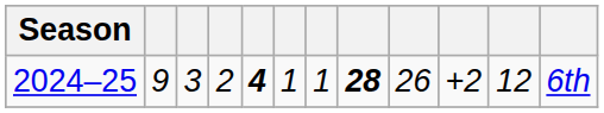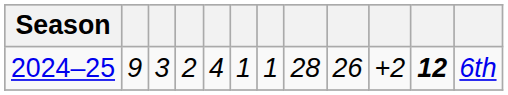 <table class="wikitable sortable" style="text-align: center">
 <tr>
 <th>Season</th>
 <th></th>
 <th></th>
 <th></th>
 <th></th>
 <th></th>
 <th></th>
 <th></th>
 <th></th>
 <th></th>
 <th></th>
 <th></th>
 </tr>
 <tr>
 <td><a href='#'>2024–25</a></td>
 <td><em>9</em></td>
 <td><em>3</em></td>
 <td><em>2</em></td>
-<td><strong><em>4</em></strong></td>
+<td><em>4</em></td>
 <td><em>1</em></td>
 <td><em>1</em></td>
-<td><strong><em>28</em></strong></td>
+<td><em>28</em></td>
 <td><em>26</em></td>
 <td><em>+2</em></td>
-<td><em>12</em></td>
+<td><strong><em>12</em></strong></td>
 <td><em><a href='#'>6th</a></em></td>
 </tr>
 </table>
